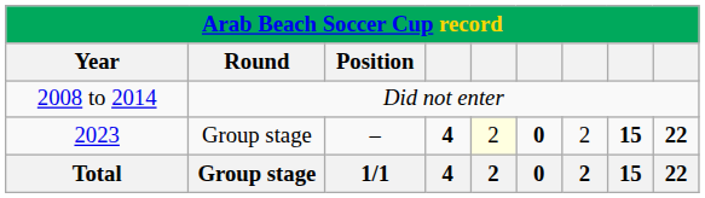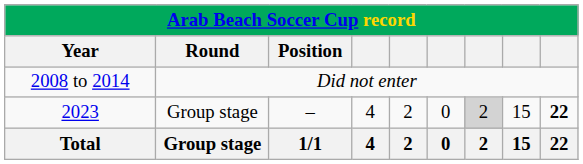 <table class="wikitable" style="font-size:90%; text-align:center; width:50%">
 <tr>
 <th colspan="9" style="background:#00A95C; color:#FFD700; "><a href='#'><span>Arab Beach Soccer Cup</span></a> record</th>
 </tr>
 <tr>
 <th width="20%">Year</th>
 <th width="15%">Round</th>
 <th width="5%">Position</th>
 <th width="5%"></th>
 <th width="5%"></th>
 <th width="5%"></th>
 <th width="5%"></th>
 <th width="5%"></th>
 <th width="5%"></th>
 </tr>
 <tr>
 <td> <a href='#'>2008</a> to  <a href='#'>2014</a></td>
 <td colspan="8"><em>Did not enter</em></td>
 </tr>
 <tr>
 <td> <a href='#'>2023</a></td>
 <td>Group stage</td>
 <td>–</td>
-<td><strong>4</strong></td>
-<td style="background: lightyellow;">2</td>
-<td><strong>0</strong></td>
+<td>4</td>
 <td>2</td>
-<td><strong>15</strong></td>
+<td>0</td>
+<td style="background: lightgrey;">2</td>
+<td>15</td>
 <td><strong>22</strong></td>
 </tr>
 <tr>
 <th>Total</th>
 <th>Group stage</th>
 <th>1/1</th>
 <th>4</th>
 <th>2</th>
 <th>0</th>
 <th>2</th>
 <th>15</th>
 <th>22</th>
 </tr>
 </table>
